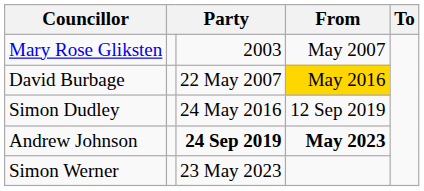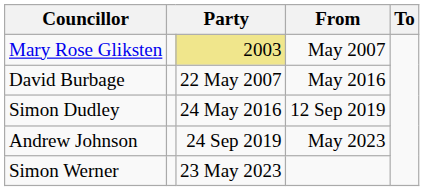 <table class=wikitable>
 <tr>
 <th>Councillor</th>
 <th colspan=2>Party</th>
 <th>From</th>
 <th>To</th>
 </tr>
 <tr>
 <td><a href='#'>Mary Rose Gliksten</a></td>
 <td></td>
-<td align=right>2003</td>
+<td align=right style="background: khaki;">2003</td>
 <td align=right>May 2007</td>
 </tr>
 <tr>
 <td>David Burbage</td>
 <td></td>
 <td align=right>22 May 2007</td>
-<td align=right style="background: gold;">May 2016</td>
+<td align=right>May 2016</td>
 </tr>
 <tr>
 <td>Simon Dudley</td>
 <td></td>
 <td align=right>24 May 2016</td>
 <td align=right>12 Sep 2019</td>
 </tr>
 <tr>
 <td>Andrew Johnson</td>
 <td></td>
-<td align=right><strong>24 Sep 2019</strong></td>
-<td align=right><strong>May 2023</strong></td>
+<td align=right>24 Sep 2019</td>
+<td align=right>May 2023</td>
 </tr>
 <tr>
 <td>Simon Werner</td>
 <td></td>
 <td align=right>23 May 2023</td>
 <td align=right></td>
 </tr>
 </table>
